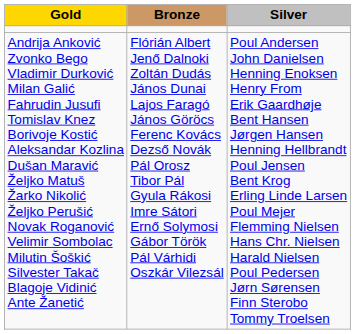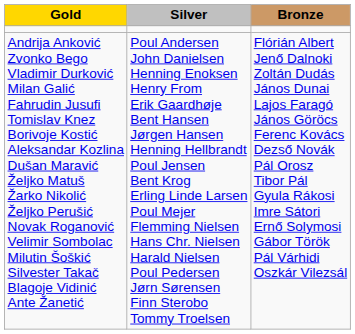 <table class="wikitable">
 <tr>
 <td style="text-align:center;background-color:gold;"><strong>Gold</strong></td>
+<td style="text-align:center;background-color:silver;"><strong>Silver</strong></td>
 <td style="text-align:center;background-color:#CC9966;"><strong>Bronze</strong></td>
-<td style="text-align:center;background-color:silver;"><strong>Silver</strong></td>
 </tr>
 <tr>
 <td></td>
 <td></td>
 <td></td>
 </tr>
 <tr>
 <td valign=top><a href='#'>Andrija Anković</a><br><a href='#'>Zvonko Bego</a><br><a href='#'>Vladimir Durković</a><br><a href='#'>Milan Galić</a><br><a href='#'>Fahrudin Jusufi</a><br><a href='#'>Tomislav Knez</a><br><a href='#'>Borivoje Kostić</a><br><a href='#'>Aleksandar Kozlina</a><br><a href='#'>Dušan Maravić</a><br><a href='#'>Željko Matuš</a><br><a href='#'>Žarko Nikolić</a><br><a href='#'>Željko Perušić</a><br><a href='#'>Novak Roganović</a><br><a href='#'>Velimir Sombolac</a><br><a href='#'>Milutin Šoškić</a><br><a href='#'>Silvester Takač</a><br><a href='#'>Blagoje Vidinić</a><br><a href='#'>Ante Žanetić</a></td>
+<td valign=top><a href='#'>Poul Andersen</a><br><a href='#'>John Danielsen</a><br><a href='#'>Henning Enoksen</a><br><a href='#'>Henry From</a><br><a href='#'>Erik Gaardhøje</a><br><a href='#'>Bent Hansen</a><br><a href='#'>Jørgen Hansen</a><br><a href='#'>Henning Hellbrandt</a><br><a href='#'>Poul Jensen</a><br><a href='#'>Bent Krog</a><br><a href='#'>Erling Linde Larsen</a><br><a href='#'>Poul Mejer</a><br><a href='#'>Flemming Nielsen</a><br><a href='#'>Hans Chr. Nielsen</a><br><a href='#'>Harald Nielsen</a><br><a href='#'>Poul Pedersen</a><br><a href='#'>Jørn Sørensen</a><br><a href='#'>Finn Sterobo</a><br><a href='#'>Tommy Troelsen</a></td>
 <td valign=top><a href='#'>Flórián Albert</a><br><a href='#'>Jenő Dalnoki</a><br><a href='#'>Zoltán Dudás</a><br><a href='#'>János Dunai</a><br><a href='#'>Lajos Faragó</a><br><a href='#'>János Göröcs</a><br><a href='#'>Ferenc Kovács</a><br><a href='#'>Dezső Novák</a><br><a href='#'>Pál Orosz</a><br><a href='#'>Tibor Pál</a><br><a href='#'>Gyula Rákosi</a><br><a href='#'>Imre Sátori</a><br><a href='#'>Ernő Solymosi</a><br><a href='#'>Gábor Török</a><br><a href='#'>Pál Várhidi</a><br><a href='#'>Oszkár Vilezsál</a></td>
-<td valign=top><a href='#'>Poul Andersen</a><br><a href='#'>John Danielsen</a><br><a href='#'>Henning Enoksen</a><br><a href='#'>Henry From</a><br><a href='#'>Erik Gaardhøje</a><br><a href='#'>Bent Hansen</a><br><a href='#'>Jørgen Hansen</a><br><a href='#'>Henning Hellbrandt</a><br><a href='#'>Poul Jensen</a><br><a href='#'>Bent Krog</a><br><a href='#'>Erling Linde Larsen</a><br><a href='#'>Poul Mejer</a><br><a href='#'>Flemming Nielsen</a><br><a href='#'>Hans Chr. Nielsen</a><br><a href='#'>Harald Nielsen</a><br><a href='#'>Poul Pedersen</a><br><a href='#'>Jørn Sørensen</a><br><a href='#'>Finn Sterobo</a><br><a href='#'>Tommy Troelsen</a></td>
 </tr>
 </table>
